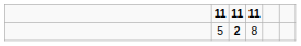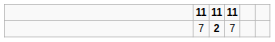 <table class="wikitable">
 <tr>
 <td style="width:18em"><strong></strong></td>
 <td align=center style="width:1em"><strong>11</strong></td>
 <td align=center style="width:1em"><strong>11</strong></td>
 <td align=center style="width:1em"><strong>11</strong></td>
 <td align=center style="width:1em"></td>
 <td align=center style="width:1em"></td>
 </tr>
 <tr>
 <td style="width:18em"></td>
-<td align=center style="width:1em">5</td>
+<td align=center style="width:1em">7</td>
 <td align=center style="width:1em"><strong>2</strong></td>
-<td align=center style="width:1em">8</td>
+<td align=center style="width:1em">7</td>
 <td align=center style="width:1em"></td>
 <td align=center style="width:1em"></td>
 </tr>
 </table>
